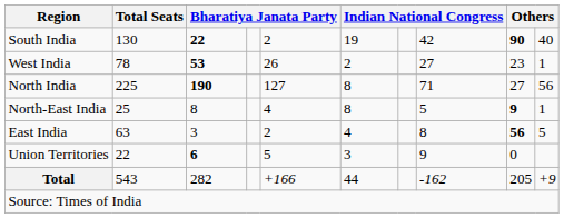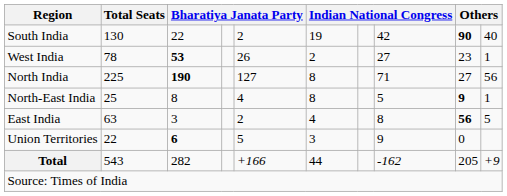 <table class="wikitable">
 <tr>
 <th>Region</th>
 <th>Total Seats</th>
 <th colspan="3"><a href='#'>Bharatiya Janata Party</a></th>
 <th colspan="3"><a href='#'>Indian National Congress</a></th>
 <th colspan="2">Others</th>
 </tr>
 <tr>
 <td>South India</td>
 <td>130</td>
-<td><strong>22</strong></td>
+<td>22</td>
 <td></td>
 <td> 2</td>
 <td>19</td>
 <td></td>
 <td> 42</td>
 <td><strong>90</strong></td>
 <td> 40</td>
 </tr>
 <tr>
 <td>West India</td>
 <td>78</td>
 <td><strong>53</strong></td>
 <td></td>
 <td> 26</td>
 <td>2</td>
 <td></td>
 <td> 27</td>
 <td>23</td>
 <td> 1</td>
 </tr>
 <tr>
 <td>North India</td>
 <td>225</td>
 <td><strong>190</strong></td>
 <td></td>
 <td> 127</td>
 <td>8</td>
 <td></td>
 <td> 71</td>
 <td>27</td>
 <td> 56</td>
 </tr>
 <tr>
 <td>North-East India</td>
 <td>25</td>
 <td>8</td>
 <td></td>
 <td> 4</td>
 <td>8</td>
 <td></td>
 <td> 5</td>
 <td><strong>9</strong></td>
 <td> 1</td>
 </tr>
 <tr>
 <td>East India</td>
 <td>63</td>
 <td>3</td>
 <td></td>
 <td> 2</td>
 <td>4</td>
 <td></td>
 <td> 8</td>
 <td><strong>56</strong></td>
 <td> 5</td>
 </tr>
 <tr>
 <td>Union Territories</td>
 <td>22</td>
 <td><strong>6</strong></td>
 <td></td>
 <td> 5</td>
 <td>3</td>
 <td></td>
 <td> 9</td>
 <td>0</td>
 <td></td>
 </tr>
 <tr>
 <th>Total</th>
 <td>543</td>
 <td>282</td>
 <td></td>
 <td><em>+166</em></td>
 <td>44</td>
 <td></td>
 <td><em>-162</em></td>
 <td>205</td>
 <td><em>+9</em></td>
 </tr>
 <tr>
 <td colspan="10" align="left">Source: Times of India</td>
 </tr>
 </table>
